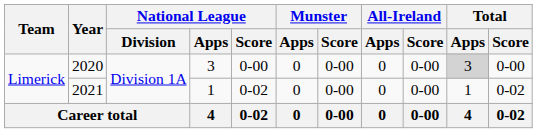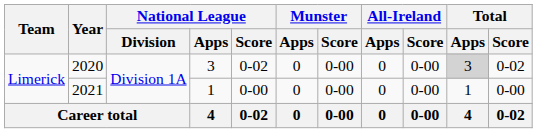 <table class="wikitable" style="text-align:center">
 <tr>
 <th rowspan="2">Team</th>
 <th rowspan="2">Year</th>
 <th colspan="3"><a href='#'>National League</a></th>
 <th colspan="2"><a href='#'>Munster</a></th>
 <th colspan="2"><a href='#'>All-Ireland</a></th>
 <th colspan="2">Total</th>
 </tr>
 <tr>
 <th>Division</th>
 <th>Apps</th>
 <th>Score</th>
 <th>Apps</th>
 <th>Score</th>
 <th>Apps</th>
 <th>Score</th>
 <th>Apps</th>
 <th>Score</th>
 </tr>
 <tr>
 <td rowspan="2"><a href='#'>Limerick</a></td>
 <td>2020</td>
 <td rowspan="2"><a href='#'>Division 1A</a></td>
 <td>3</td>
+<td>0-02</td>
+<td>0</td>
+<td>0-00</td>
+<td>0</td>
+<td>0-00</td>
+<td style="background: lightgrey;">3</td>
+<td>0-02</td>
+</tr>
+<tr>
+<td>2021</td>
+<td>1</td>
 <td>0-00</td>
 <td>0</td>
 <td>0-00</td>
 <td>0</td>
 <td>0-00</td>
-<td style="background: lightgrey;">3</td>
+<td>1</td>
 <td>0-00</td>
-</tr>
-<tr>
-<td>2021</td>
-<td>1</td>
-<td>0-02</td>
-<td>0</td>
-<td>0-00</td>
-<td>0</td>
-<td>0-00</td>
-<td>1</td>
-<td>0-02</td>
 </tr>
 <tr>
 <th colspan="3">Career total</th>
 <th>4</th>
 <th>0-02</th>
 <th>0</th>
 <th>0-00</th>
 <th>0</th>
 <th>0-00</th>
 <th>4</th>
 <th>0-02</th>
 </tr>
 </table>
